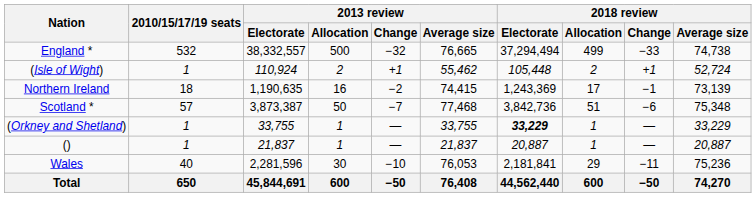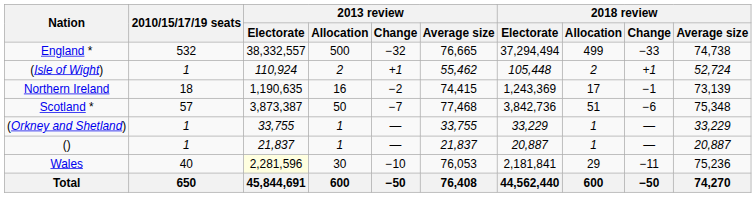 <table class="wikitable sortable" style="text-align: center;">
 <tr>
 <th rowspan=2>Nation</th>
 <th rowspan=2>2010/15/17/19 seats</th>
 <th colspan=4>2013 review</th>
 <th colspan=4>2018 review</th>
 </tr>
 <tr>
 <th>Electorate</th>
 <th>Allocation</th>
 <th>Change</th>
 <th>Average size</th>
 <th>Electorate</th>
 <th>Allocation</th>
 <th>Change</th>
 <th>Average size</th>
 </tr>
 <tr>
 <td><a href='#'>England</a> *</td>
 <td>532</td>
 <td>38,332,557</td>
 <td>500</td>
 <td>−32</td>
 <td>76,665</td>
 <td>37,294,494</td>
 <td>499</td>
 <td>−33</td>
 <td>74,738</td>
 </tr>
 <tr>
 <td>(<em><a href='#'>Isle of Wight</a></em>)</td>
 <td><em>1</em></td>
 <td><em>110,924</em></td>
 <td><em>2</em></td>
 <td><em>+1</em></td>
 <td><em>55,462</em></td>
 <td><em>105,448</em></td>
 <td><em>2</em></td>
 <td><em>+1</em></td>
 <td><em>52,724</em></td>
 </tr>
 <tr>
 <td><a href='#'>Northern Ireland</a></td>
 <td>18</td>
 <td>1,190,635</td>
 <td>16</td>
 <td>−2</td>
 <td>74,415</td>
 <td>1,243,369</td>
 <td>17</td>
 <td>−1</td>
 <td>73,139</td>
 </tr>
 <tr>
 <td><a href='#'>Scotland</a> *</td>
 <td>57</td>
 <td>3,873,387</td>
 <td>50</td>
 <td>−7</td>
 <td>77,468</td>
 <td>3,842,736</td>
 <td>51</td>
 <td>−6</td>
 <td>75,348</td>
 </tr>
 <tr>
 <td>(<em><a href='#'>Orkney and Shetland</a></em>)</td>
 <td><em>1</em></td>
 <td><em>33,755</em></td>
 <td><em>1</em></td>
 <td><em>—</em></td>
 <td><em>33,755</em></td>
-<td><strong><em>33,229</em></strong></td>
+<td><em>33,229</em></td>
 <td><em>1</em></td>
 <td><em>—</em></td>
 <td><em>33,229</em></td>
 </tr>
 <tr>
 <td>(<em></em>)</td>
 <td><em>1</em></td>
 <td><em>21,837</em></td>
 <td><em>1</em></td>
 <td><em>—</em></td>
 <td><em>21,837</em></td>
 <td><em>20,887</em></td>
 <td><em>1</em></td>
 <td><em>—</em></td>
 <td><em>20,887</em></td>
 </tr>
 <tr>
 <td><a href='#'>Wales</a></td>
 <td>40</td>
-<td>2,281,596</td>
+<td style="background: lightyellow;">2,281,596</td>
 <td>30</td>
 <td>−10</td>
 <td>76,053</td>
 <td>2,181,841</td>
 <td>29</td>
 <td>−11</td>
 <td>75,236</td>
 </tr>
 <tr>
 <th>Total</th>
 <th>650</th>
 <th>45,844,691</th>
 <th>600</th>
 <th>−50</th>
 <th>76,408</th>
 <th>44,562,440</th>
 <th>600</th>
 <th>−50</th>
 <th>74,270</th>
 </tr>
 </table>
